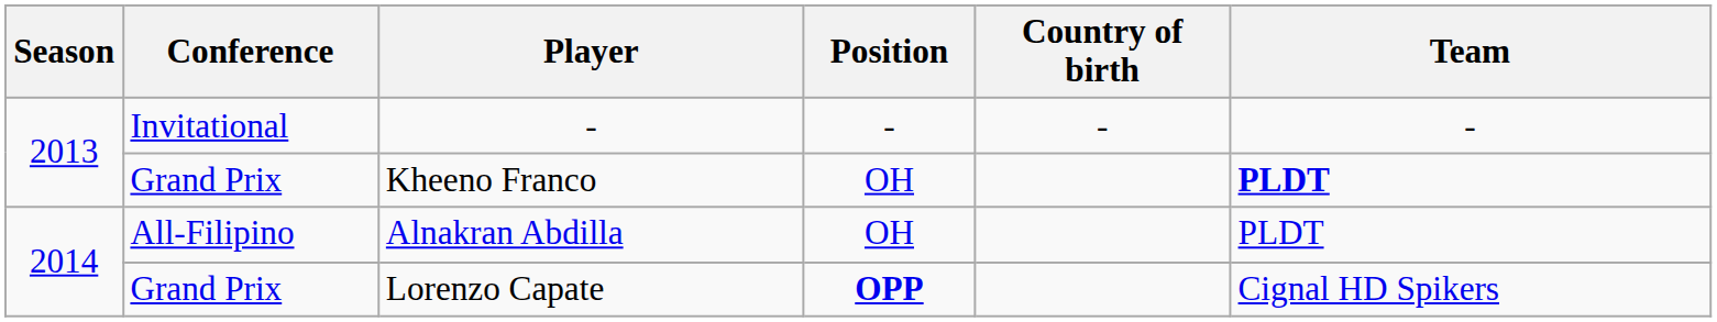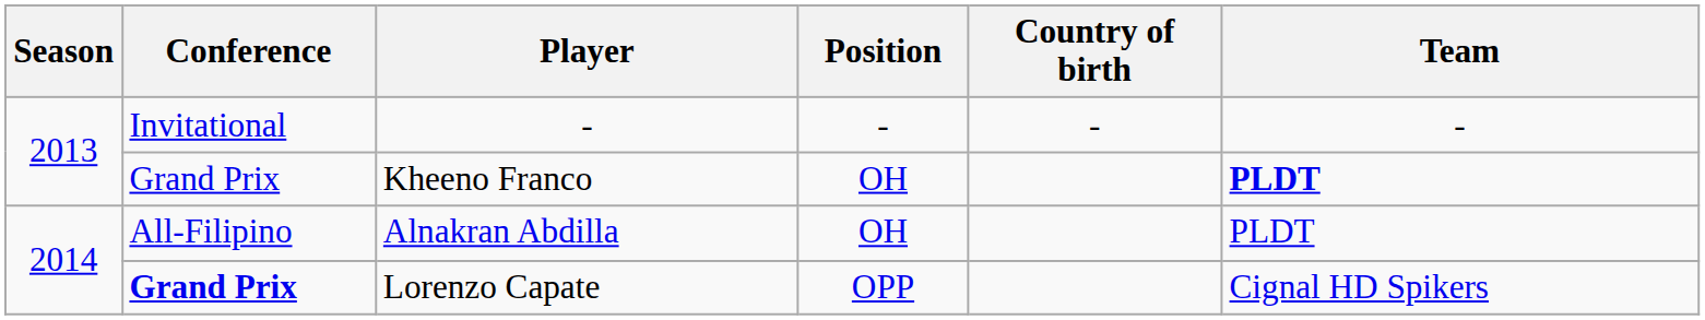 <table class="wikitable plainrowheaders sortable" width="90%" summary="Season (sortable), Player (sortable), Position (sortable), Nationality (sortable) and Team (sortable)">
 <tr>
 <th scope="col" width="5%">Season</th>
 <th scope="col" width="15%">Conference</th>
 <th scope="col" width="25%">Player</th>
 <th scope="col" width="10%">Position</th>
 <th scope="col" width="15%">Country of birth</th>
 <th scope="col">Team</th>
 </tr>
 <tr>
 <td rowspan="2" align=center><a href='#'>2013</a></td>
 <td><a href='#'>Invitational</a></td>
 <td align=center>-</td>
 <td align=center>-</td>
 <td align=center>-</td>
 <td align=center>-</td>
 </tr>
 <tr>
 <td><a href='#'>Grand Prix</a></td>
 <td>Kheeno Franco</td>
 <td align=center><a href='#'>OH</a></td>
 <td></td>
 <td><strong><a href='#'>PLDT</a></strong></td>
 </tr>
 <tr>
 <td rowspan="2" align=center><a href='#'>2014</a></td>
 <td><a href='#'>All-Filipino</a></td>
 <td><a href='#'>Alnakran Abdilla</a></td>
 <td align=center><a href='#'>OH</a></td>
 <td></td>
 <td><a href='#'>PLDT</a></td>
 </tr>
 <tr>
-<td><a href='#'>Grand Prix</a></td>
+<td><strong><a href='#'>Grand Prix</a></strong></td>
 <td>Lorenzo Capate</td>
-<td align=center><strong><a href='#'>OPP</a></strong></td>
+<td align=center><a href='#'>OPP</a></td>
 <td></td>
 <td><a href='#'>Cignal HD Spikers</a></td>
 </tr>
 </table>
